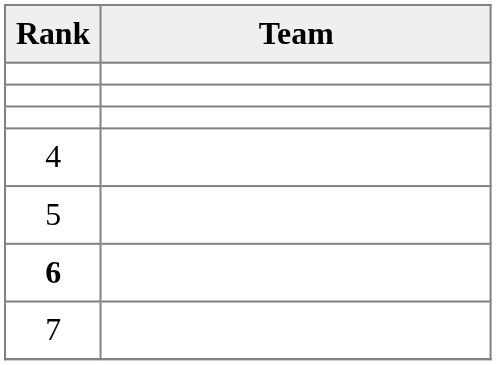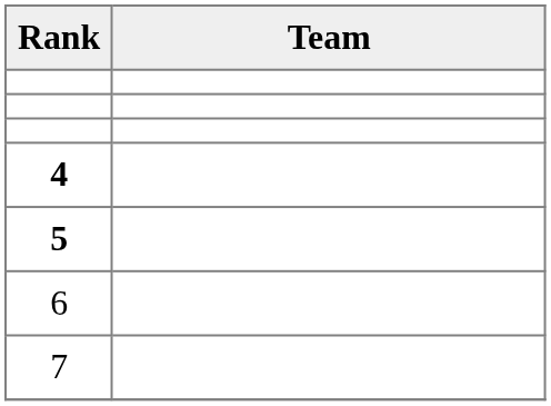 <table style=border-collapse:collapse border=1 cellspacing=1 cellpadding=5>
 <tr align=center bgcolor=#efefef>
 <th width=35>Rank</th>
 <th width=185>Team</th>
 </tr>
 <tr align=center>
 <td></td>
 <td style="text-align:left;"></td>
 </tr>
 <tr align=center>
 <td></td>
 <td style="text-align:left;"></td>
 </tr>
 <tr align=center>
 <td></td>
 <td style="text-align:left;"></td>
 </tr>
 <tr align=center>
-<td>4</td>
+<td><strong>4</strong></td>
 <td style="text-align:left;"></td>
 </tr>
 <tr align=center>
-<td>5</td>
+<td><strong>5</strong></td>
 <td style="text-align:left;"></td>
 </tr>
 <tr align=center>
-<td><strong>6</strong></td>
+<td>6</td>
 <td style="text-align:left;"></td>
 </tr>
 <tr align=center>
 <td>7</td>
 <td style="text-align:left;"></td>
 </tr>
 <tr align=center>
 </tr>
 </table>
